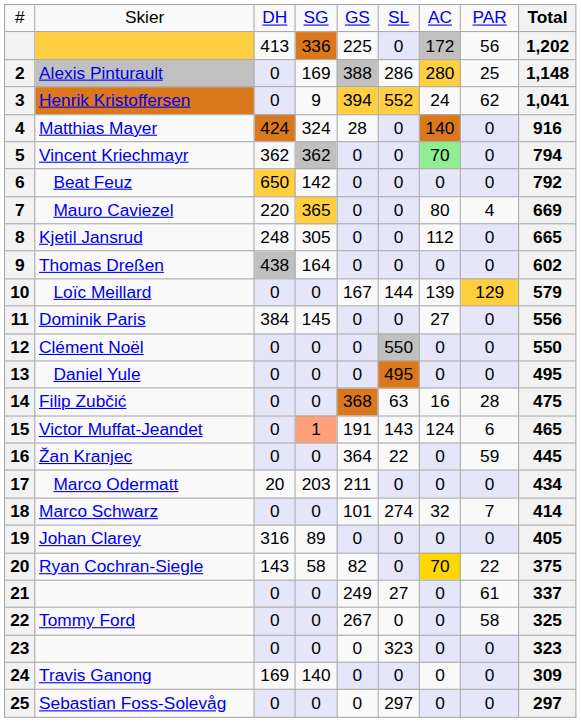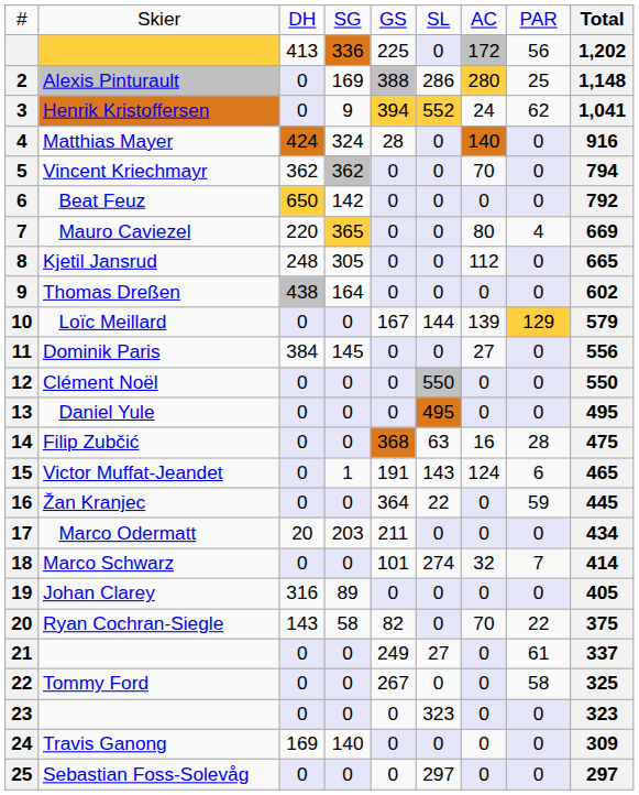 <table class="wikitable" width=60% style="font-size:100%; text-align:center;">
 <tr>
 <td>#</td>
 <td>Skier</td>
 <td><a href='#'>DH</a><br></td>
 <td><a href='#'>SG</a><br></td>
 <td><a href='#'>GS</a><br></td>
 <td><a href='#'>SL</a><br></td>
 <td><a href='#'>AC</a><br></td>
 <td> <a href='#'>PAR</a> <br></td>
 <th>Total</th>
 </tr>
 <tr>
 <th></th>
 <td align=left bgcolor=ffcf40></td>
 <td>413</td>
 <td bgcolor=db781b>336</td>
 <td>225</td>
 <td bgcolor=lavender>0</td>
 <td bgcolor=c0c0c0>172</td>
 <td>56</td>
 <th>1,202</th>
 </tr>
 <tr |>
 <th>2</th>
 <td align=left bgcolor=c0c0c0> <a href='#'>Alexis Pinturault</a></td>
 <td bgcolor=lavender>0</td>
 <td>169</td>
 <td bgcolor=c0c0c0>388</td>
 <td>286</td>
 <td bgcolor=ffcf40>280</td>
 <td>25</td>
 <th>1,148</th>
 </tr>
 <tr>
 <th>3</th>
 <td align=left bgcolor=db781b> <a href='#'>Henrik Kristoffersen</a></td>
 <td bgcolor=lavender>0</td>
 <td>9</td>
 <td bgcolor=ffcf40>394</td>
 <td bgcolor=ffcf40>552</td>
 <td>24</td>
 <td>62</td>
 <th>1,041</th>
 </tr>
 <tr>
 <th>4</th>
 <td align=left> <a href='#'>Matthias Mayer</a></td>
 <td bgcolor=db781b>424</td>
 <td>324</td>
 <td>28</td>
 <td bgcolor=lavender>0</td>
 <td bgcolor=db781b>140</td>
 <td bgcolor=lavender>0</td>
 <th>916</th>
 </tr>
 <tr>
 <th>5</th>
 <td align=left> <a href='#'>Vincent Kriechmayr</a></td>
 <td>362</td>
 <td bgcolor=c0c0c0>362</td>
 <td bgcolor=lavender>0</td>
 <td bgcolor=lavender>0</td>
-<td style="background: lightgreen;">70</td>
+<td>70</td>
 <td bgcolor=lavender>0</td>
 <th>794</th>
 </tr>
 <tr>
 <th>6</th>
 <td align=left>   <a href='#'>Beat Feuz</a></td>
 <td bgcolor=ffcf40>650</td>
 <td>142</td>
 <td bgcolor=lavender>0</td>
 <td bgcolor=lavender>0</td>
 <td bgcolor=lavender>0</td>
 <td bgcolor=lavender>0</td>
 <th>792</th>
 </tr>
 <tr>
 <th>7</th>
 <td align=left>   <a href='#'>Mauro Caviezel</a></td>
 <td>220</td>
 <td bgcolor=ffcf40>365</td>
 <td bgcolor=lavender>0</td>
 <td bgcolor=lavender>0</td>
 <td>80</td>
 <td>4</td>
 <th>669</th>
 </tr>
 <tr>
 <th>8</th>
 <td align=left> <a href='#'>Kjetil Jansrud</a></td>
 <td>248</td>
 <td>305</td>
 <td bgcolor=lavender>0</td>
 <td bgcolor=lavender>0</td>
 <td>112</td>
 <td bgcolor=lavender>0</td>
 <th>665</th>
 </tr>
 <tr>
 <th>9</th>
 <td align=left> <a href='#'>Thomas Dreßen</a></td>
 <td bgcolor=c0c0c0>438</td>
 <td>164</td>
 <td bgcolor=lavender>0</td>
 <td bgcolor=lavender>0</td>
 <td bgcolor=lavender>0</td>
 <td bgcolor=lavender>0</td>
 <th>602</th>
 </tr>
 <tr>
 <th>10</th>
 <td align=left>   <a href='#'>Loïc Meillard</a></td>
 <td bgcolor=lavender>0</td>
 <td bgcolor=lavender>0</td>
 <td>167</td>
 <td>144</td>
 <td>139</td>
 <td bgcolor=ffcf40>129</td>
 <th>579</th>
 </tr>
 <tr>
 <th>11</th>
 <td align=left> <a href='#'>Dominik Paris</a></td>
 <td>384</td>
 <td>145</td>
 <td bgcolor=lavender>0</td>
 <td bgcolor=lavender>0</td>
 <td>27</td>
 <td bgcolor=lavender>0</td>
 <th>556</th>
 </tr>
 <tr>
 <th>12</th>
 <td align=left> <a href='#'>Clément Noël</a></td>
 <td bgcolor=lavender>0</td>
 <td bgcolor=lavender>0</td>
 <td bgcolor=lavender>0</td>
 <td bgcolor=c0c0c0>550</td>
 <td bgcolor=lavender>0</td>
 <td bgcolor=lavender>0</td>
 <th>550</th>
 </tr>
 <tr>
 <th>13</th>
 <td align=left>   <a href='#'>Daniel Yule</a></td>
 <td bgcolor=lavender>0</td>
 <td bgcolor=lavender>0</td>
 <td bgcolor=lavender>0</td>
 <td bgcolor=db781b>495</td>
 <td bgcolor=lavender>0</td>
 <td bgcolor=lavender>0</td>
 <th>495</th>
 </tr>
 <tr>
 <th>14</th>
 <td align=left> <a href='#'>Filip Zubčić</a></td>
 <td bgcolor=lavender>0</td>
 <td bgcolor=lavender>0</td>
 <td bgcolor=db781b>368</td>
 <td>63</td>
 <td>16</td>
 <td>28</td>
 <th>475</th>
 </tr>
 <tr>
 <th>15</th>
 <td align=left> <a href='#'>Victor Muffat-Jeandet</a></td>
 <td bgcolor=lavender>0</td>
-<td style="background: lightsalmon;">1</td>
+<td>1</td>
 <td>191</td>
 <td>143</td>
 <td>124</td>
 <td>6</td>
 <th>465</th>
 </tr>
 <tr>
 <th>16</th>
 <td align=left> <a href='#'>Žan Kranjec</a></td>
 <td bgcolor=lavender>0</td>
 <td bgcolor=lavender>0</td>
 <td>364</td>
 <td>22</td>
 <td bgcolor=lavender>0</td>
 <td>59</td>
 <th>445</th>
 </tr>
 <tr>
 <th>17</th>
 <td align=left>   <a href='#'>Marco Odermatt</a></td>
 <td>20</td>
 <td>203</td>
 <td>211</td>
 <td bgcolor=lavender>0</td>
 <td bgcolor=lavender>0</td>
 <td bgcolor=lavender>0</td>
 <th>434</th>
 </tr>
 <tr>
 <th>18</th>
 <td align=left> <a href='#'>Marco Schwarz</a></td>
 <td bgcolor=lavender>0</td>
 <td bgcolor=lavender>0</td>
 <td>101</td>
 <td>274</td>
 <td>32</td>
 <td>7</td>
 <th>414</th>
 </tr>
 <tr>
 <th>19</th>
 <td align=left> <a href='#'>Johan Clarey</a></td>
 <td>316</td>
 <td>89</td>
 <td bgcolor=lavender>0</td>
 <td bgcolor=lavender>0</td>
 <td bgcolor=lavender>0</td>
 <td bgcolor=lavender>0</td>
 <th>405</th>
 </tr>
 <tr>
 <th>20</th>
 <td align=left> <a href='#'>Ryan Cochran-Siegle</a></td>
 <td>143</td>
 <td>58</td>
 <td>82</td>
 <td bgcolor=lavender>0</td>
-<td style="background: gold;">70</td>
+<td>70</td>
 <td>22</td>
 <th>375</th>
 </tr>
 <tr>
 <th>21</th>
 <td align=left></td>
 <td bgcolor=lavender>0</td>
 <td bgcolor=lavender>0</td>
 <td>249</td>
 <td>27</td>
 <td bgcolor=lavender>0</td>
 <td>61</td>
 <th>337</th>
 </tr>
 <tr>
 <th>22</th>
 <td align=left> <a href='#'>Tommy Ford</a></td>
 <td bgcolor=lavender>0</td>
 <td bgcolor=lavender>0</td>
 <td>267</td>
 <td>0</td>
 <td bgcolor=lavender>0</td>
 <td>58</td>
 <th>325</th>
 </tr>
 <tr>
 <th>23</th>
 <td align=left></td>
 <td bgcolor=lavender>0</td>
 <td bgcolor=lavender>0</td>
 <td>0</td>
 <td>323</td>
 <td bgcolor=lavender>0</td>
 <td bgcolor=lavender>0</td>
 <th>323</th>
 </tr>
 <tr>
 <th>24</th>
 <td align=left> <a href='#'>Travis Ganong</a></td>
 <td>169</td>
 <td>140</td>
 <td bgcolor=lavender>0</td>
 <td bgcolor=lavender>0</td>
 <td>0</td>
 <td bgcolor=lavender>0</td>
 <th>309</th>
 </tr>
 <tr>
 <th>25</th>
 <td align=left> <a href='#'>Sebastian Foss-Solevåg</a></td>
 <td bgcolor=lavender>0</td>
 <td bgcolor=lavender>0</td>
 <td>0</td>
 <td>297</td>
 <td bgcolor=lavender>0</td>
 <td bgcolor=lavender>0</td>
 <th>297</th>
 </tr>
 </table>
